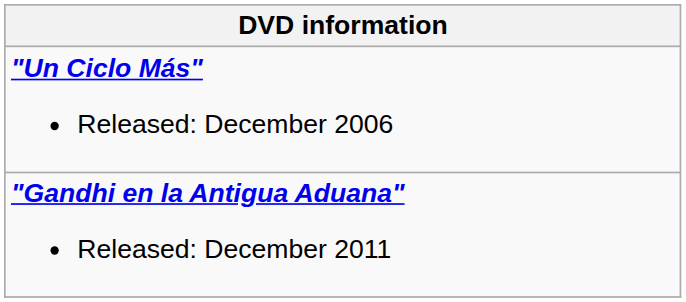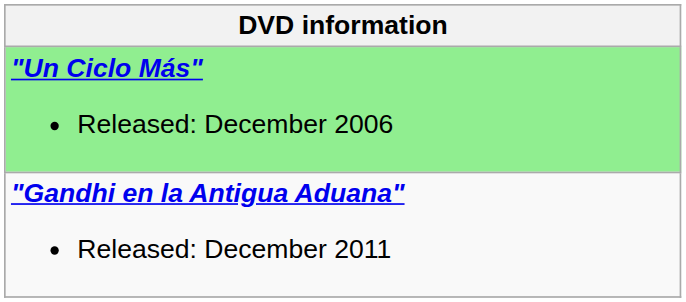 <table class="wikitable">
 <tr>
 <th align="left" width="400">DVD information</th>
 </tr>
 <tr>
-<td align="left"><strong><em><a href='#'>"Un Ciclo Más"</a></em></strong><br><ul><li>Released: December 2006</li></ul></td>
+<td align="left" style="background: lightgreen;"><strong><em><a href='#'>"Un Ciclo Más"</a></em></strong><br><ul><li>Released: December 2006</li></ul></td>
 </tr>
 <tr>
 <td align="left"><strong><em><a href='#'>"Gandhi en la Antigua Aduana"</a></em></strong><br><ul><li>Released: December 2011</li></ul></td>
 </tr>
 </table>
